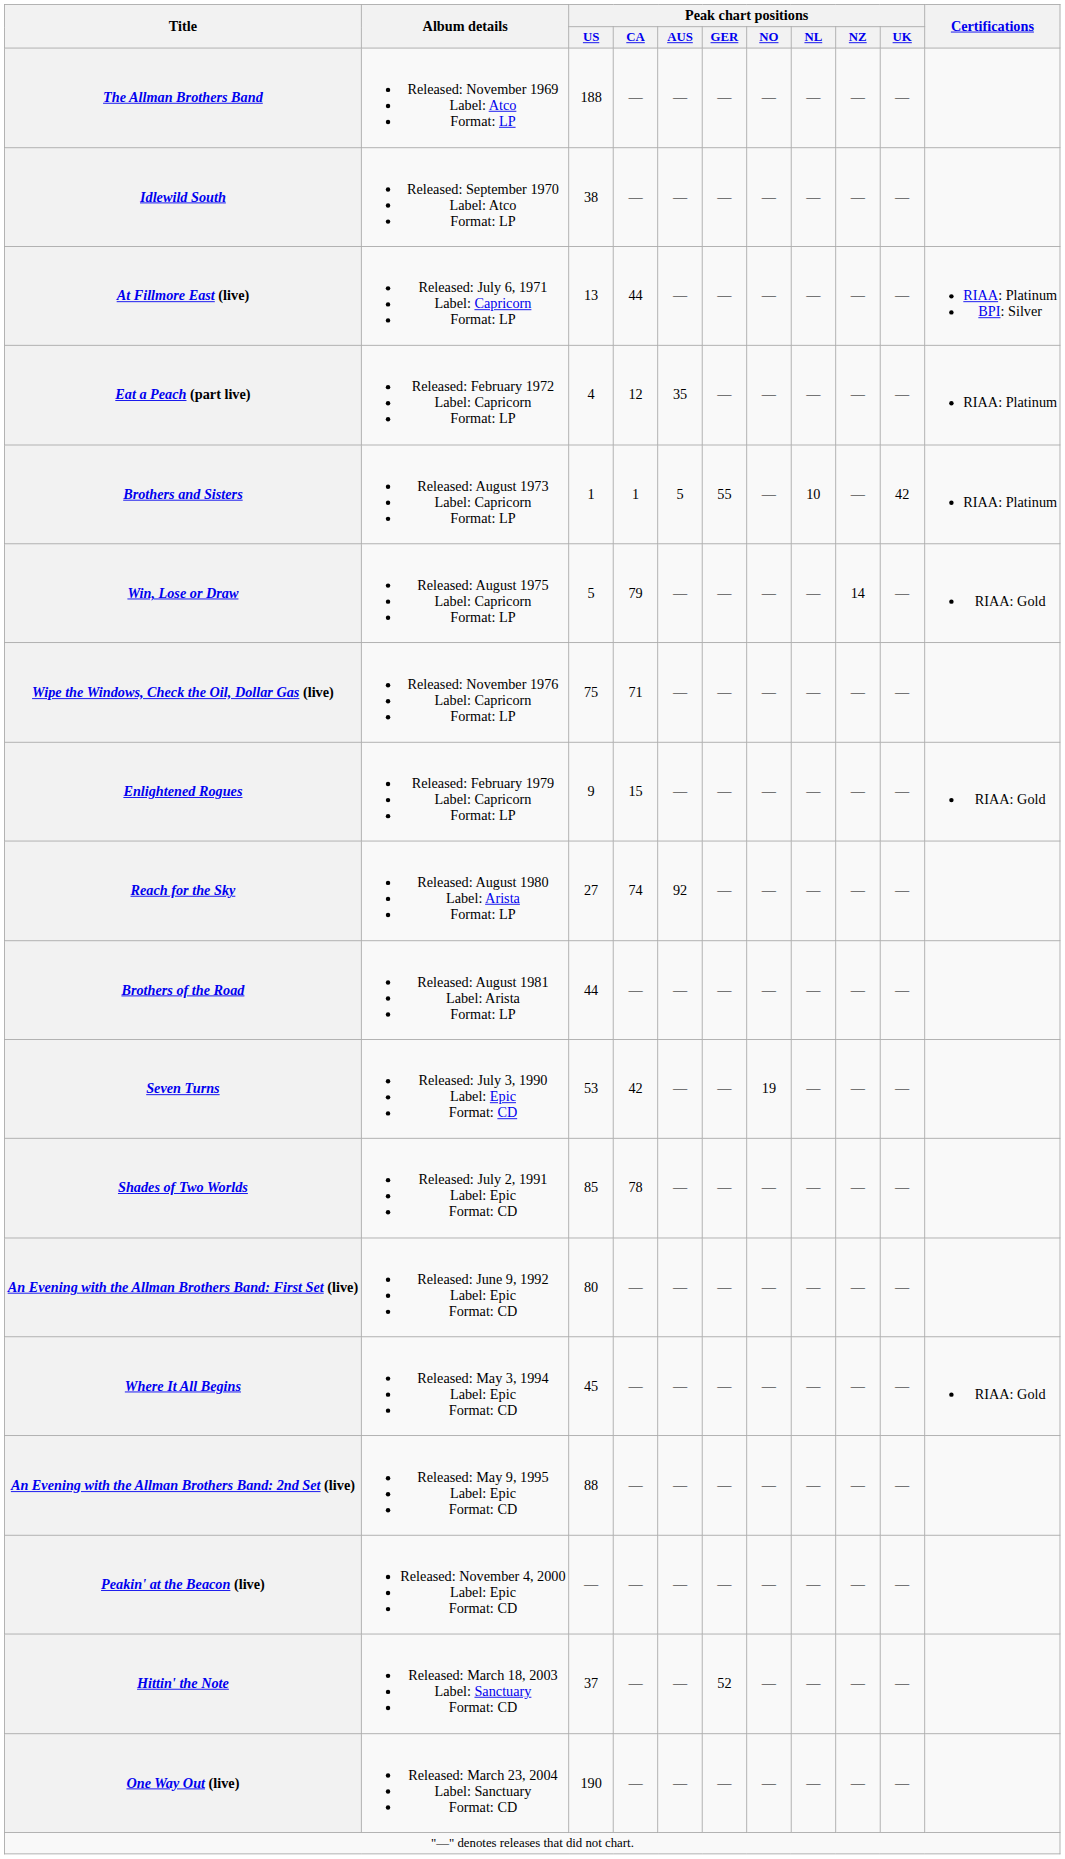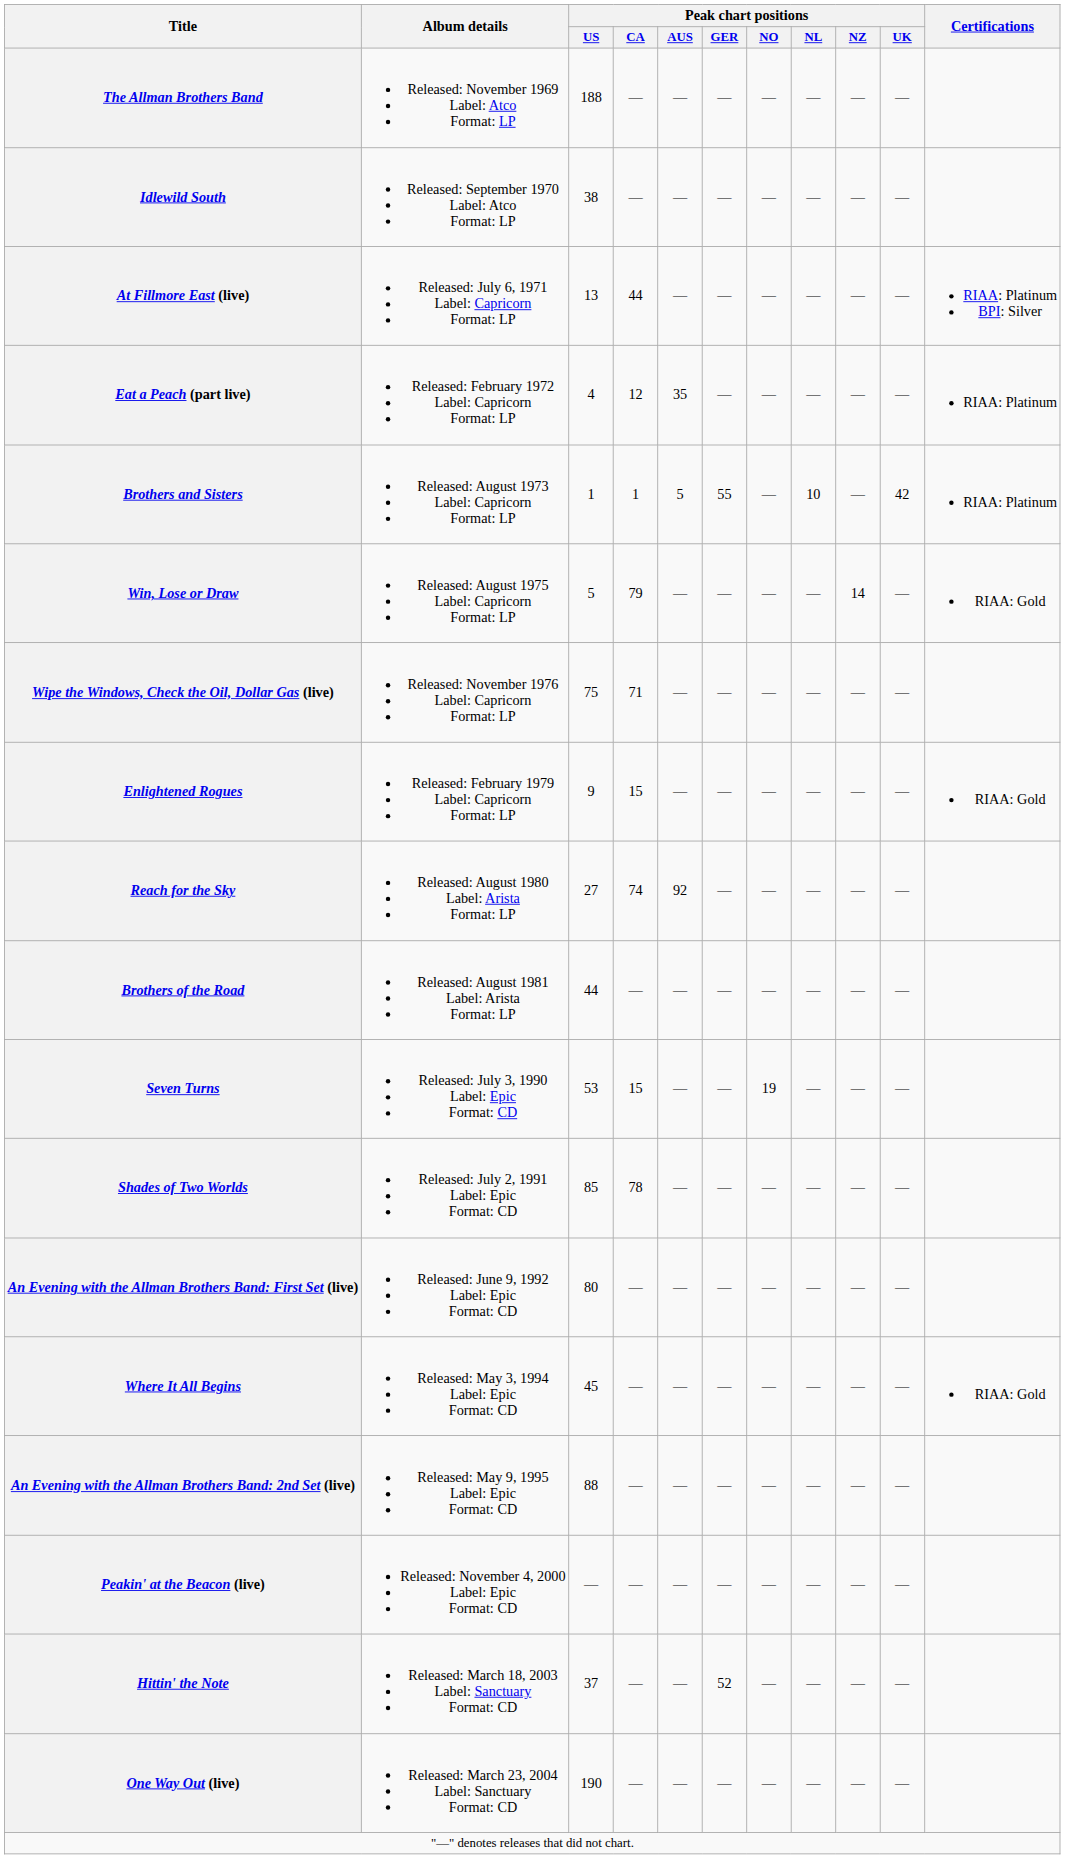 <table class="wikitable plainrowheaders" style="text-align:center;">
 <tr>
 <th rowspan="2">Title</th>
 <th rowspan="2">Album details</th>
 <th colspan="8">Peak chart positions</th>
 <th rowspan="2"><a href='#'>Certifications</a></th>
 </tr>
 <tr>
 <th style="width:3em;font-size:90%;"><a href='#'>US</a><br></th>
 <th style="width:3em;font-size:90%;"><a href='#'>CA</a><br></th>
 <th style="width:3em;font-size:90%;"><a href='#'>AUS</a><br></th>
 <th style="width:3em;font-size:90%;"><a href='#'>GER</a><br></th>
 <th style="width:3em;font-size:90%;"><a href='#'>NO</a><br></th>
 <th style="width:3em;font-size:90%;"><a href='#'>NL</a><br></th>
 <th style="width:3em;font-size:90%;"><a href='#'>NZ</a><br></th>
 <th style="width:3em;font-size:90%;"><a href='#'>UK</a><br></th>
 </tr>
 <tr>
 <th scope="row"><em><a href='#'>The Allman Brothers Band</a></em></th>
 <td><br><ul><li>Released: November 1969</li><li>Label: <a href='#'>Atco</a></li><li>Format: <a href='#'>LP</a></li></ul></td>
 <td align="center">188</td>
 <td>—</td>
 <td>—</td>
 <td>—</td>
 <td>—</td>
 <td>—</td>
 <td>—</td>
 <td>—</td>
 <td></td>
 </tr>
 <tr>
 <th scope="row"><em><a href='#'>Idlewild South</a></em></th>
 <td><br><ul><li>Released: September 1970</li><li>Label: Atco</li><li>Format: LP</li></ul></td>
 <td align="center">38</td>
 <td>—</td>
 <td>—</td>
 <td>—</td>
 <td>—</td>
 <td>—</td>
 <td>—</td>
 <td>—</td>
 <td></td>
 </tr>
 <tr>
 <th scope="row"><em><a href='#'>At Fillmore East</a></em> (live)</th>
 <td><br><ul><li>Released: July 6, 1971</li><li>Label: <a href='#'>Capricorn</a></li><li>Format: LP</li></ul></td>
 <td align="center">13</td>
 <td>44</td>
 <td>—</td>
 <td>—</td>
 <td>—</td>
 <td>—</td>
 <td>—</td>
 <td>—</td>
 <td><br><ul><li><a href='#'>RIAA</a>: Platinum</li><li><a href='#'>BPI</a>: Silver</li></ul></td>
 </tr>
 <tr>
 <th scope="row"><em><a href='#'>Eat a Peach</a></em> (part live)</th>
 <td><br><ul><li>Released: February 1972</li><li>Label: Capricorn</li><li>Format: LP</li></ul></td>
 <td align="center">4</td>
 <td>12</td>
 <td>35</td>
 <td>—</td>
 <td>—</td>
 <td>—</td>
 <td>—</td>
 <td>—</td>
 <td><br><ul><li>RIAA: Platinum</li></ul></td>
 </tr>
 <tr>
 <th scope="row"><em><a href='#'>Brothers and Sisters</a></em></th>
 <td><br><ul><li>Released: August 1973</li><li>Label: Capricorn</li><li>Format: LP</li></ul></td>
 <td align="center">1</td>
 <td>1</td>
 <td>5</td>
 <td>55</td>
 <td>—</td>
 <td>10</td>
 <td>—</td>
 <td>42</td>
 <td><br><ul><li>RIAA: Platinum</li></ul></td>
 </tr>
 <tr>
 <th scope="row"><em><a href='#'>Win, Lose or Draw</a></em></th>
 <td><br><ul><li>Released: August 1975</li><li>Label: Capricorn</li><li>Format: LP</li></ul></td>
 <td align="center">5</td>
 <td>79</td>
 <td>—</td>
 <td>—</td>
 <td>—</td>
 <td>—</td>
 <td>14</td>
 <td>—</td>
 <td><br><ul><li>RIAA: Gold</li></ul></td>
 </tr>
 <tr>
 <th scope="row"><em><a href='#'>Wipe the Windows, Check the Oil, Dollar Gas</a></em> (live)</th>
 <td><br><ul><li>Released: November 1976</li><li>Label: Capricorn</li><li>Format: LP</li></ul></td>
 <td align="center">75</td>
 <td>71</td>
 <td>—</td>
 <td>—</td>
 <td>—</td>
 <td>—</td>
 <td>—</td>
 <td>—</td>
 <td></td>
 </tr>
 <tr>
 <th scope="row"><em><a href='#'>Enlightened Rogues</a></em></th>
 <td><br><ul><li>Released: February 1979</li><li>Label: Capricorn</li><li>Format: LP</li></ul></td>
 <td align="center">9</td>
 <td>15</td>
 <td>—</td>
 <td>—</td>
 <td>—</td>
 <td>—</td>
 <td>—</td>
 <td>—</td>
 <td><br><ul><li>RIAA: Gold</li></ul></td>
 </tr>
 <tr>
 <th scope="row"><em><a href='#'>Reach for the Sky</a></em></th>
 <td><br><ul><li>Released: August 1980</li><li>Label: <a href='#'>Arista</a></li><li>Format: LP</li></ul></td>
 <td align="center">27</td>
 <td>74</td>
 <td>92</td>
 <td>—</td>
 <td>—</td>
 <td>—</td>
 <td>—</td>
 <td>—</td>
 <td></td>
 </tr>
 <tr>
 <th scope="row"><em><a href='#'>Brothers of the Road</a></em></th>
 <td><br><ul><li>Released: August 1981</li><li>Label: Arista</li><li>Format: LP</li></ul></td>
 <td align="center">44</td>
 <td>—</td>
 <td>—</td>
 <td>—</td>
 <td>—</td>
 <td>—</td>
 <td>—</td>
 <td>—</td>
 <td></td>
 </tr>
 <tr>
 <th scope="row"><em><a href='#'>Seven Turns</a></em></th>
 <td><br><ul><li>Released: July 3, 1990</li><li>Label: <a href='#'>Epic</a></li><li>Format: <a href='#'>CD</a></li></ul></td>
 <td align="center">53</td>
-<td>42</td>
+<td>15</td>
 <td>—</td>
 <td>—</td>
 <td>19</td>
 <td>—</td>
 <td>—</td>
 <td>—</td>
 <td></td>
 </tr>
 <tr>
 <th scope="row"><em><a href='#'>Shades of Two Worlds</a></em></th>
 <td><br><ul><li>Released: July 2, 1991</li><li>Label: Epic</li><li>Format: CD</li></ul></td>
 <td align="center">85</td>
 <td>78</td>
 <td>—</td>
 <td>—</td>
 <td>—</td>
 <td>—</td>
 <td>—</td>
 <td>—</td>
 <td></td>
 </tr>
 <tr>
 <th scope="row"><em><a href='#'>An Evening with the Allman Brothers Band: First Set</a></em> (live)</th>
 <td><br><ul><li>Released: June 9, 1992</li><li>Label: Epic</li><li>Format: CD</li></ul></td>
 <td align="center">80</td>
 <td>—</td>
 <td>—</td>
 <td>—</td>
 <td>—</td>
 <td>—</td>
 <td>—</td>
 <td>—</td>
 <td></td>
 </tr>
 <tr>
 <th scope="row"><em><a href='#'>Where It All Begins</a></em></th>
 <td><br><ul><li>Released: May 3, 1994</li><li>Label: Epic</li><li>Format: CD</li></ul></td>
 <td align="center">45</td>
 <td>—</td>
 <td>—</td>
 <td>—</td>
 <td>—</td>
 <td>—</td>
 <td>—</td>
 <td>—</td>
 <td><br><ul><li>RIAA: Gold</li></ul></td>
 </tr>
 <tr>
 <th scope="row"><em><a href='#'>An Evening with the Allman Brothers Band: 2nd Set</a></em> (live)</th>
 <td><br><ul><li>Released: May 9, 1995</li><li>Label: Epic</li><li>Format: CD</li></ul></td>
 <td align="center">88</td>
 <td>—</td>
 <td>—</td>
 <td>—</td>
 <td>—</td>
 <td>—</td>
 <td>—</td>
 <td>—</td>
 <td></td>
 </tr>
 <tr>
 <th scope="row"><em><a href='#'>Peakin' at the Beacon</a></em> (live)</th>
 <td><br><ul><li>Released: November 4, 2000</li><li>Label: Epic</li><li>Format: CD</li></ul></td>
 <td align="center">—</td>
 <td>—</td>
 <td>—</td>
 <td>—</td>
 <td>—</td>
 <td>—</td>
 <td>—</td>
 <td>—</td>
 <td></td>
 </tr>
 <tr>
 <th scope="row"><em><a href='#'>Hittin' the Note</a></em></th>
 <td><br><ul><li>Released: March 18, 2003</li><li>Label: <a href='#'>Sanctuary</a></li><li>Format: CD</li></ul></td>
 <td align="center">37</td>
 <td>—</td>
 <td>—</td>
 <td>52</td>
 <td>—</td>
 <td>—</td>
 <td>—</td>
 <td>—</td>
 <td></td>
 </tr>
 <tr>
 <th scope="row"><em><a href='#'>One Way Out</a></em> (live)</th>
 <td><br><ul><li>Released: March 23, 2004</li><li>Label: Sanctuary</li><li>Format: CD</li></ul></td>
 <td align="center">190</td>
 <td>—</td>
 <td>—</td>
 <td>—</td>
 <td>—</td>
 <td>—</td>
 <td>—</td>
 <td>—</td>
 <td></td>
 </tr>
 <tr>
 <td colspan="14" align="center" style="font-size:90%">"—" denotes releases that did not chart.</td>
 </tr>
 </table>
